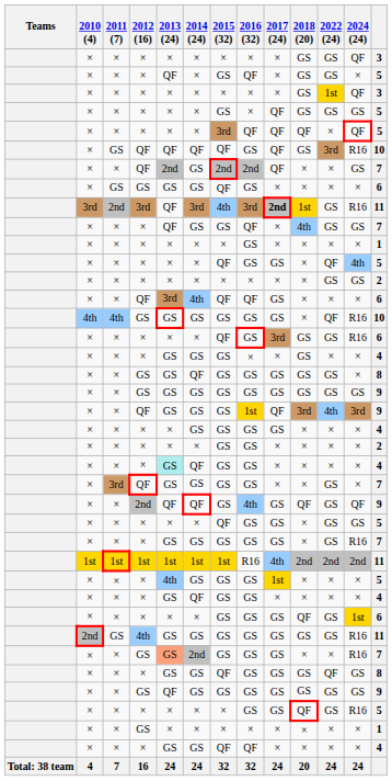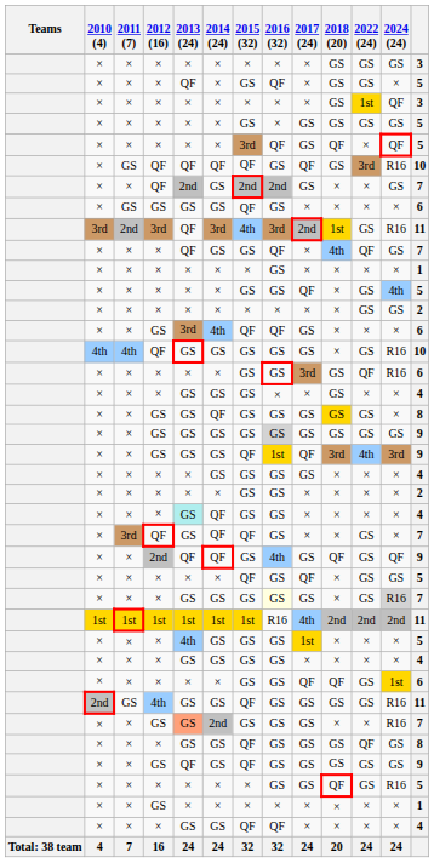 <table class="wikitable plainrowheaders" style="text-align:center; font-size:90%">
 <tr>
 <th>Teams</th>
 <th><br><a href='#'>2010</a><br>(4)</th>
 <th><br><a href='#'>2011</a><br>(7)</th>
 <th><br><a href='#'>2012</a><br>(16)</th>
 <th><br><a href='#'>2013</a><br>(24)</th>
 <th><br><a href='#'>2014</a><br>(24)</th>
 <th><br><a href='#'>2015</a><br>(32)</th>
 <th><br><a href='#'>2016</a><br>(32)</th>
 <th><br><a href='#'>2017</a><br>(24)</th>
 <th><br><a href='#'>2018</a><br>(20)</th>
 <th><br><a href='#'>2022</a><br>(24)</th>
 <th><br><a href='#'>2024</a><br>(24)</th>
 <th></th>
 </tr>
 <tr>
 <th scope="row"></th>
 <td>×</td>
 <td>×</td>
 <td>×</td>
 <td>×</td>
 <td>×</td>
 <td>×</td>
 <td>×</td>
 <td>×</td>
 <td>GS</td>
 <td>GS</td>
-<td>QF</td>
+<td>GS</td>
 <th>3</th>
 </tr>
 <tr>
 <th scope="row"></th>
 <td>×</td>
 <td>×</td>
 <td>×</td>
 <td>QF</td>
 <td>×</td>
 <td>GS</td>
 <td>QF</td>
 <td>×</td>
 <td>GS</td>
 <td>GS</td>
 <td>×</td>
 <th>5</th>
 </tr>
 <tr>
 <th scope="row"></th>
 <td>×</td>
 <td>×</td>
 <td>×</td>
 <td>×</td>
 <td>×</td>
 <td>×</td>
 <td>×</td>
 <td>×</td>
 <td>GS</td>
 <td bgcolor=gold>1st</td>
 <td>QF</td>
 <th>3</th>
 </tr>
 <tr>
 <th scope="row"></th>
 <td>×</td>
 <td>×</td>
 <td>×</td>
 <td>×</td>
 <td>×</td>
 <td>GS</td>
 <td>×</td>
-<td>QF</td>
+<td>GS</td>
 <td>GS</td>
 <td>GS</td>
 <td>GS</td>
 <th>5</th>
 </tr>
 <tr>
 <th scope="row"></th>
 <td>×</td>
 <td>×</td>
 <td>×</td>
 <td>×</td>
 <td>×</td>
 <td bgcolor=#cc9966>3rd</td>
 <td>QF</td>
-<td>QF</td>
+<td>GS</td>
 <td>QF</td>
 <td>×</td>
 <td style="border: 3px solid red">QF</td>
 <th>5</th>
 </tr>
 <tr>
 <th scope="row"></th>
 <td>×</td>
 <td>GS</td>
 <td>QF</td>
 <td>QF</td>
 <td>QF</td>
 <td>QF</td>
 <td>GS</td>
 <td>QF</td>
 <td>GS</td>
 <td bgcolor=#cc9966>3rd</td>
 <td>R16</td>
 <th>10</th>
 </tr>
 <tr>
 <th scope="row"></th>
 <td>×</td>
 <td>×</td>
 <td>QF</td>
 <td bgcolor=silver>2nd</td>
 <td>GS</td>
 <td style="border: 3px solid red"bgcolor=silver>2nd</td>
 <td bgcolor=silver>2nd</td>
-<td>QF</td>
+<td>GS</td>
 <td>×</td>
 <td>×</td>
 <td>GS</td>
 <th>7</th>
 </tr>
 <tr>
 <th scope="row"></th>
 <td>×</td>
 <td>GS</td>
 <td>GS</td>
 <td>GS</td>
 <td>GS</td>
 <td>QF</td>
 <td>GS</td>
 <td>×</td>
 <td>×</td>
 <td>×</td>
 <td>×</td>
 <th>6</th>
 </tr>
 <tr>
 <th scope="row"></th>
 <td bgcolor=#cc9966>3rd</td>
 <td bgcolor=silver>2nd</td>
 <td bgcolor=#cc9966>3rd</td>
 <td>QF</td>
 <td bgcolor=#cc9966>3rd</td>
 <td bgcolor=9acdff>4th</td>
 <td bgcolor=#cc9966>3rd</td>
-<td style="border: 3px solid red"bgcolor=silver><strong>2nd</strong></td>
+<td style="border: 3px solid red"bgcolor=silver>2nd</td>
 <td bgcolor=gold>1st</td>
 <td>GS</td>
 <td>R16</td>
 <th>11</th>
 </tr>
 <tr>
 <th scope="row"></th>
 <td>×</td>
 <td>×</td>
 <td>×</td>
 <td>QF</td>
 <td>GS</td>
 <td>GS</td>
 <td>QF</td>
 <td>×</td>
 <td bgcolor=9acdff>4th</td>
-<td>GS</td>
+<td>QF</td>
 <td>GS</td>
 <th>7</th>
 </tr>
 <tr>
 <th scope="row"></th>
 <td>×</td>
 <td>×</td>
 <td>×</td>
 <td>×</td>
 <td>×</td>
 <td>×</td>
 <td>GS</td>
 <td>×</td>
 <td>×</td>
 <td>×</td>
 <td>×</td>
 <th>1</th>
 </tr>
 <tr>
 <th scope="row"></th>
 <td>×</td>
 <td>×</td>
 <td>×</td>
 <td>×</td>
 <td>×</td>
-<td>QF</td>
 <td>GS</td>
 <td>GS</td>
+<td>QF</td>
 <td>×</td>
-<td>QF</td>
+<td>GS</td>
 <td bgcolor=9acdff>4th</td>
 <th>5</th>
 </tr>
 <tr>
 <th scope="row"></th>
 <td>×</td>
 <td>×</td>
 <td>×</td>
 <td>×</td>
 <td>×</td>
 <td>×</td>
 <td>×</td>
 <td>×</td>
 <td>×</td>
 <td>GS</td>
 <td>GS</td>
 <th>2</th>
 </tr>
 <tr>
 <th scope="row"></th>
 <td>×</td>
 <td>×</td>
-<td>QF</td>
+<td>GS</td>
 <td bgcolor=#cc9966>3rd</td>
 <td bgcolor=9acdff>4th</td>
 <td>QF</td>
 <td>QF</td>
 <td>GS</td>
 <td>×</td>
 <td>×</td>
 <td>×</td>
 <th>6</th>
 </tr>
 <tr>
 <th scope="row"></th>
 <td bgcolor=9acdff>4th</td>
 <td bgcolor=9acdff>4th</td>
-<td>GS</td>
+<td>QF</td>
 <td style="border: 3px solid red">GS</td>
 <td>GS</td>
 <td>GS</td>
 <td>GS</td>
 <td>GS</td>
 <td>×</td>
-<td>QF</td>
+<td>GS</td>
 <td>R16</td>
 <th>10</th>
 </tr>
 <tr>
 <th scope="row"></th>
 <td>×</td>
 <td>×</td>
 <td>×</td>
 <td>×</td>
 <td>×</td>
-<td>QF</td>
+<td>GS</td>
 <td style="border: 3px solid red">GS</td>
 <td bgcolor=#cc9966>3rd</td>
 <td>GS</td>
-<td>GS</td>
+<td>QF</td>
 <td>R16</td>
 <th>6</th>
 </tr>
 <tr>
 <th scope="row"></th>
 <td>×</td>
 <td>×</td>
 <td>×</td>
 <td>GS</td>
 <td>GS</td>
 <td>GS</td>
 <td>×</td>
 <td>×</td>
 <td>GS</td>
 <td>×</td>
 <td>×</td>
 <th>4</th>
 </tr>
 <tr>
 <th scope="row"></th>
 <td>×</td>
 <td>×</td>
 <td>GS</td>
 <td>GS</td>
 <td>QF</td>
 <td>GS</td>
 <td>GS</td>
 <td>GS</td>
-<td>GS</td>
+<td style="background: gold;">GS</td>
 <td>GS</td>
 <td>×</td>
 <th>8</th>
 </tr>
 <tr>
 <th scope="row"></th>
 <td>×</td>
 <td>×</td>
 <td>GS</td>
 <td>GS</td>
 <td>GS</td>
 <td>GS</td>
-<td>GS</td>
+<td style="background: lightgrey;">GS</td>
 <td>GS</td>
 <td>GS</td>
 <td>GS</td>
 <td>GS</td>
 <th>9</th>
 </tr>
 <tr>
 <th scope="row"></th>
 <td>×</td>
 <td>×</td>
-<td>QF</td>
 <td>GS</td>
 <td>GS</td>
 <td>GS</td>
+<td>QF</td>
 <td bgcolor=gold>1st</td>
 <td>QF</td>
 <td bgcolor=#cc9966>3rd</td>
 <td bgcolor=9acdff>4th</td>
 <td bgcolor=#cc9966>3rd</td>
 <th>9</th>
 </tr>
 <tr>
 <th scope="row"></th>
 <td>×</td>
 <td>×</td>
 <td>×</td>
 <td>×</td>
 <td>GS</td>
 <td>GS</td>
 <td>GS</td>
 <td>GS</td>
 <td>×</td>
 <td>×</td>
 <td>×</td>
 <th>4</th>
 </tr>
 <tr>
 <th scope="row"></th>
 <td>×</td>
 <td>×</td>
 <td>×</td>
 <td>×</td>
 <td>×</td>
 <td>GS</td>
 <td>GS</td>
 <td>×</td>
 <td>×</td>
 <td>×</td>
 <td>×</td>
 <th>2</th>
 </tr>
 <tr>
 <th scope="row"></th>
 <td>×</td>
 <td>×</td>
 <td>×</td>
 <td style="background: paleturquoise;">GS</td>
 <td>QF</td>
 <td>GS</td>
 <td>GS</td>
 <td>×</td>
 <td>×</td>
 <td>×</td>
 <td>×</td>
 <th>4</th>
 </tr>
 <tr>
 <th scope="row"></th>
 <td>×</td>
 <td bgcolor=#cc9966>3rd</td>
 <td style="border: 3px solid red">QF</td>
 <td>GS</td>
-<td>GS</td>
-<td>GS</td>
+<td>QF</td>
+<td>QF</td>
 <td>GS</td>
 <td>×</td>
 <td>×</td>
 <td>GS</td>
 <td>×</td>
 <th>7</th>
 </tr>
 <tr>
 <th scope="row"></th>
 <td>×</td>
 <td>×</td>
 <td bgcolor=silver>2nd</td>
 <td>QF</td>
 <td style="border: 3px solid red">QF</td>
 <td>GS</td>
 <td bgcolor=9acdff>4th</td>
 <td>GS</td>
 <td>QF</td>
 <td>GS</td>
 <td>QF</td>
 <th>9</th>
 </tr>
 <tr>
 <th scope="row"></th>
 <td>×</td>
 <td>×</td>
 <td>×</td>
 <td>×</td>
 <td>×</td>
 <td>QF</td>
 <td>GS</td>
-<td>GS</td>
+<td>QF</td>
 <td>×</td>
 <td>GS</td>
 <td>GS</td>
 <th>5</th>
 </tr>
 <tr>
 <th scope="row"></th>
 <td>×</td>
 <td>×</td>
 <td>×</td>
 <td>GS</td>
 <td>GS</td>
 <td>GS</td>
-<td>GS</td>
+<td style="background: lightyellow;">GS</td>
 <td>GS</td>
 <td>×</td>
 <td>GS</td>
-<td>R16</td>
+<td style="background: lightgrey;">R16</td>
 <th>7</th>
 </tr>
 <tr>
 <th scope="row"></th>
 <td bgcolor=gold>1st</td>
 <td style="border: 3px solid red" bgcolor=gold>1st</td>
 <td bgcolor=gold>1st</td>
 <td bgcolor=gold>1st</td>
 <td bgcolor=gold>1st</td>
 <td bgcolor=gold>1st</td>
 <td>R16</td>
 <td bgcolor=9acdff>4th</td>
 <td bgcolor=silver>2nd</td>
 <td bgcolor=silver>2nd</td>
 <td bgcolor=silver>2nd</td>
 <th>11</th>
 </tr>
 <tr>
 <th scope="row"></th>
 <td>×</td>
 <td>×</td>
 <td>×</td>
 <td bgcolor=9acdff>4th</td>
 <td>GS</td>
 <td>GS</td>
 <td>GS</td>
 <td bgcolor=gold>1st</td>
 <td>×</td>
 <td>×</td>
 <td>×</td>
 <th>5</th>
 </tr>
 <tr>
 <th scope="row"></th>
 <td>×</td>
 <td>×</td>
 <td>×</td>
 <td>GS</td>
-<td>QF</td>
+<td>GS</td>
 <td>GS</td>
 <td>GS</td>
 <td>×</td>
 <td>×</td>
 <td>×</td>
 <td>×</td>
 <th>4</th>
 </tr>
 <tr>
 <th scope="row"></th>
 <td>×</td>
 <td>×</td>
 <td>×</td>
 <td>×</td>
 <td>×</td>
 <td>GS</td>
 <td>GS</td>
-<td>GS</td>
+<td>QF</td>
 <td>QF</td>
 <td>GS</td>
 <td bgcolor=gold>1st</td>
 <th>6</th>
 </tr>
 <tr>
 <th scope="row"></th>
 <td style="border: 3px solid red"bgcolor=silver>2nd</td>
 <td>GS</td>
 <td bgcolor=9acdff>4th</td>
 <td>GS</td>
 <td>GS</td>
-<td>GS</td>
+<td>QF</td>
 <td>GS</td>
 <td>GS</td>
 <td>GS</td>
 <td>GS</td>
 <td>R16</td>
 <th>11</th>
 </tr>
 <tr>
 <th scope="row"></th>
 <td>×</td>
 <td>×</td>
 <td>GS</td>
 <td style="background: lightsalmon;">GS</td>
 <td bgcolor=silver>2nd</td>
 <td>GS</td>
 <td>GS</td>
 <td>GS</td>
 <td>×</td>
 <td>×</td>
 <td>R16</td>
 <th>7</th>
 </tr>
 <tr>
 <th scope="row"></th>
 <td>×</td>
 <td>×</td>
 <td>×</td>
 <td>GS</td>
 <td>GS</td>
 <td>QF</td>
 <td>GS</td>
 <td>GS</td>
 <td>GS</td>
 <td>QF</td>
 <td>GS</td>
 <th>8</th>
 </tr>
 <tr>
 <th scope="row"></th>
 <td>×</td>
 <td>×</td>
 <td>GS</td>
 <td>QF</td>
 <td>GS</td>
-<td>GS</td>
+<td>QF</td>
 <td>GS</td>
 <td>GS</td>
 <td>GS</td>
 <td>GS</td>
 <td>GS</td>
 <th>9</th>
 </tr>
 <tr>
 <th scope="row"></th>
 <td>×</td>
 <td>×</td>
 <td>×</td>
 <td>×</td>
 <td>×</td>
 <td>×</td>
 <td>GS</td>
 <td>GS</td>
 <td style="border: 3px solid red">QF</td>
 <td>GS</td>
 <td>R16</td>
 <th>5</th>
 </tr>
 <tr>
 <th scope="row"></th>
 <td>×</td>
 <td>×</td>
 <td>GS</td>
 <td>×</td>
 <td>×</td>
 <td>×</td>
 <td>×</td>
 <td>×</td>
 <td>×</td>
 <td>×</td>
 <td>×</td>
 <th>1</th>
 </tr>
 <tr>
 <th scope="row"></th>
 <td>×</td>
 <td>×</td>
 <td>×</td>
 <td>GS</td>
 <td>GS</td>
 <td>QF</td>
 <td>QF</td>
 <td>×</td>
 <td>×</td>
 <td>×</td>
 <td>×</td>
 <th>4</th>
 </tr>
 <tr>
 <th>Total: 38 team</th>
 <th>4</th>
 <th>7</th>
 <th>16</th>
 <th>24</th>
 <th>24</th>
 <th>32</th>
 <th>32</th>
 <th>24</th>
 <th>20</th>
 <th>24</th>
 <th>24</th>
 <th></th>
 </tr>
 </table>
